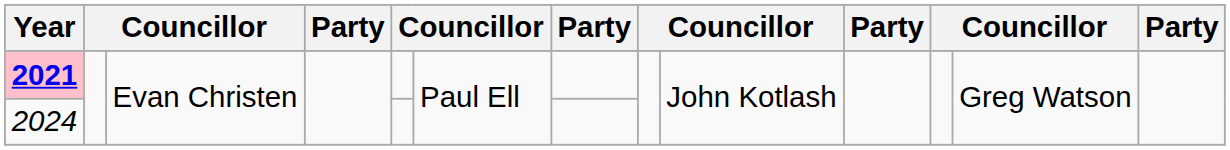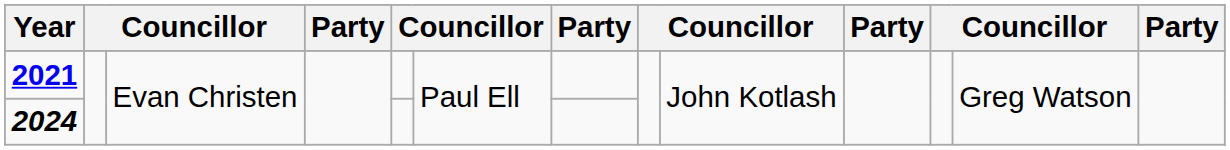 <table class="wikitable">
 <tr>
 <th>Year</th>
 <th colspan="2">Councillor</th>
 <th>Party</th>
 <th colspan="2">Councillor</th>
 <th>Party</th>
 <th colspan="2">Councillor</th>
 <th>Party</th>
 <th colspan="2">Councillor</th>
 <th>Party</th>
 </tr>
 <tr>
-<td align=center style="background: pink;"><strong><a href='#'>2021</a></strong></td>
+<td align=center><strong><a href='#'>2021</a></strong></td>
 <td rowspan="2" width="1px" > </td>
 <td rowspan="2">Evan Christen</td>
 <td rowspan="2"></td>
 <td rowspan="1" width="1px" > </td>
 <td rowspan="2">Paul Ell</td>
 <td rowspan="1"></td>
 <td rowspan="2" width="1px" > </td>
 <td rowspan="2">John Kotlash</td>
 <td rowspan="2"></td>
 <td rowspan="2" width="1px" > </td>
 <td rowspan="2">Greg Watson</td>
 <td rowspan="2"></td>
 </tr>
 <tr>
-<td align=center><em>2024</em></td>
+<td align=center><strong><em>2024</em></strong></td>
 <td rowspan="1" width="1px" > </td>
 <td rowspan="1"></td>
 </tr>
 </table>
